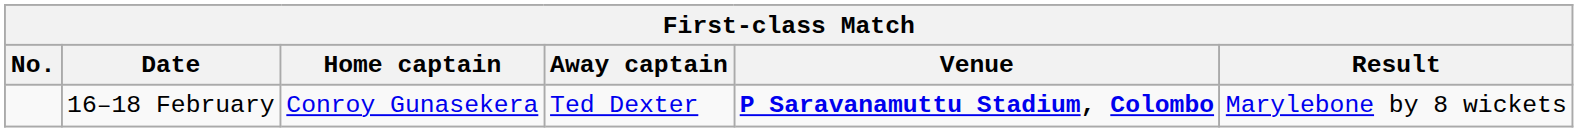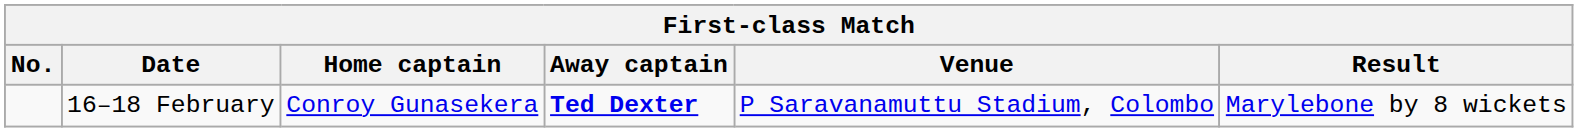 <table class="wikitable">
 <tr>
 <th colspan="9">First-class Match</th>
 </tr>
 <tr>
 <th>No.</th>
 <th>Date</th>
 <th>Home captain</th>
 <th>Away captain</th>
 <th>Venue</th>
 <th>Result</th>
 </tr>
 <tr>
 <td></td>
 <td>16–18 February</td>
 <td><a href='#'>Conroy Gunasekera</a></td>
-<td><a href='#'>Ted Dexter</a></td>
-<td><strong><a href='#'>P Saravanamuttu Stadium</a>, <a href='#'>Colombo</a></strong></td>
+<td><strong><a href='#'>Ted Dexter</a></strong></td>
+<td><a href='#'>P Saravanamuttu Stadium</a>, <a href='#'>Colombo</a></td>
 <td><a href='#'>Marylebone</a> by 8 wickets</td>
 </tr>
 </table>
